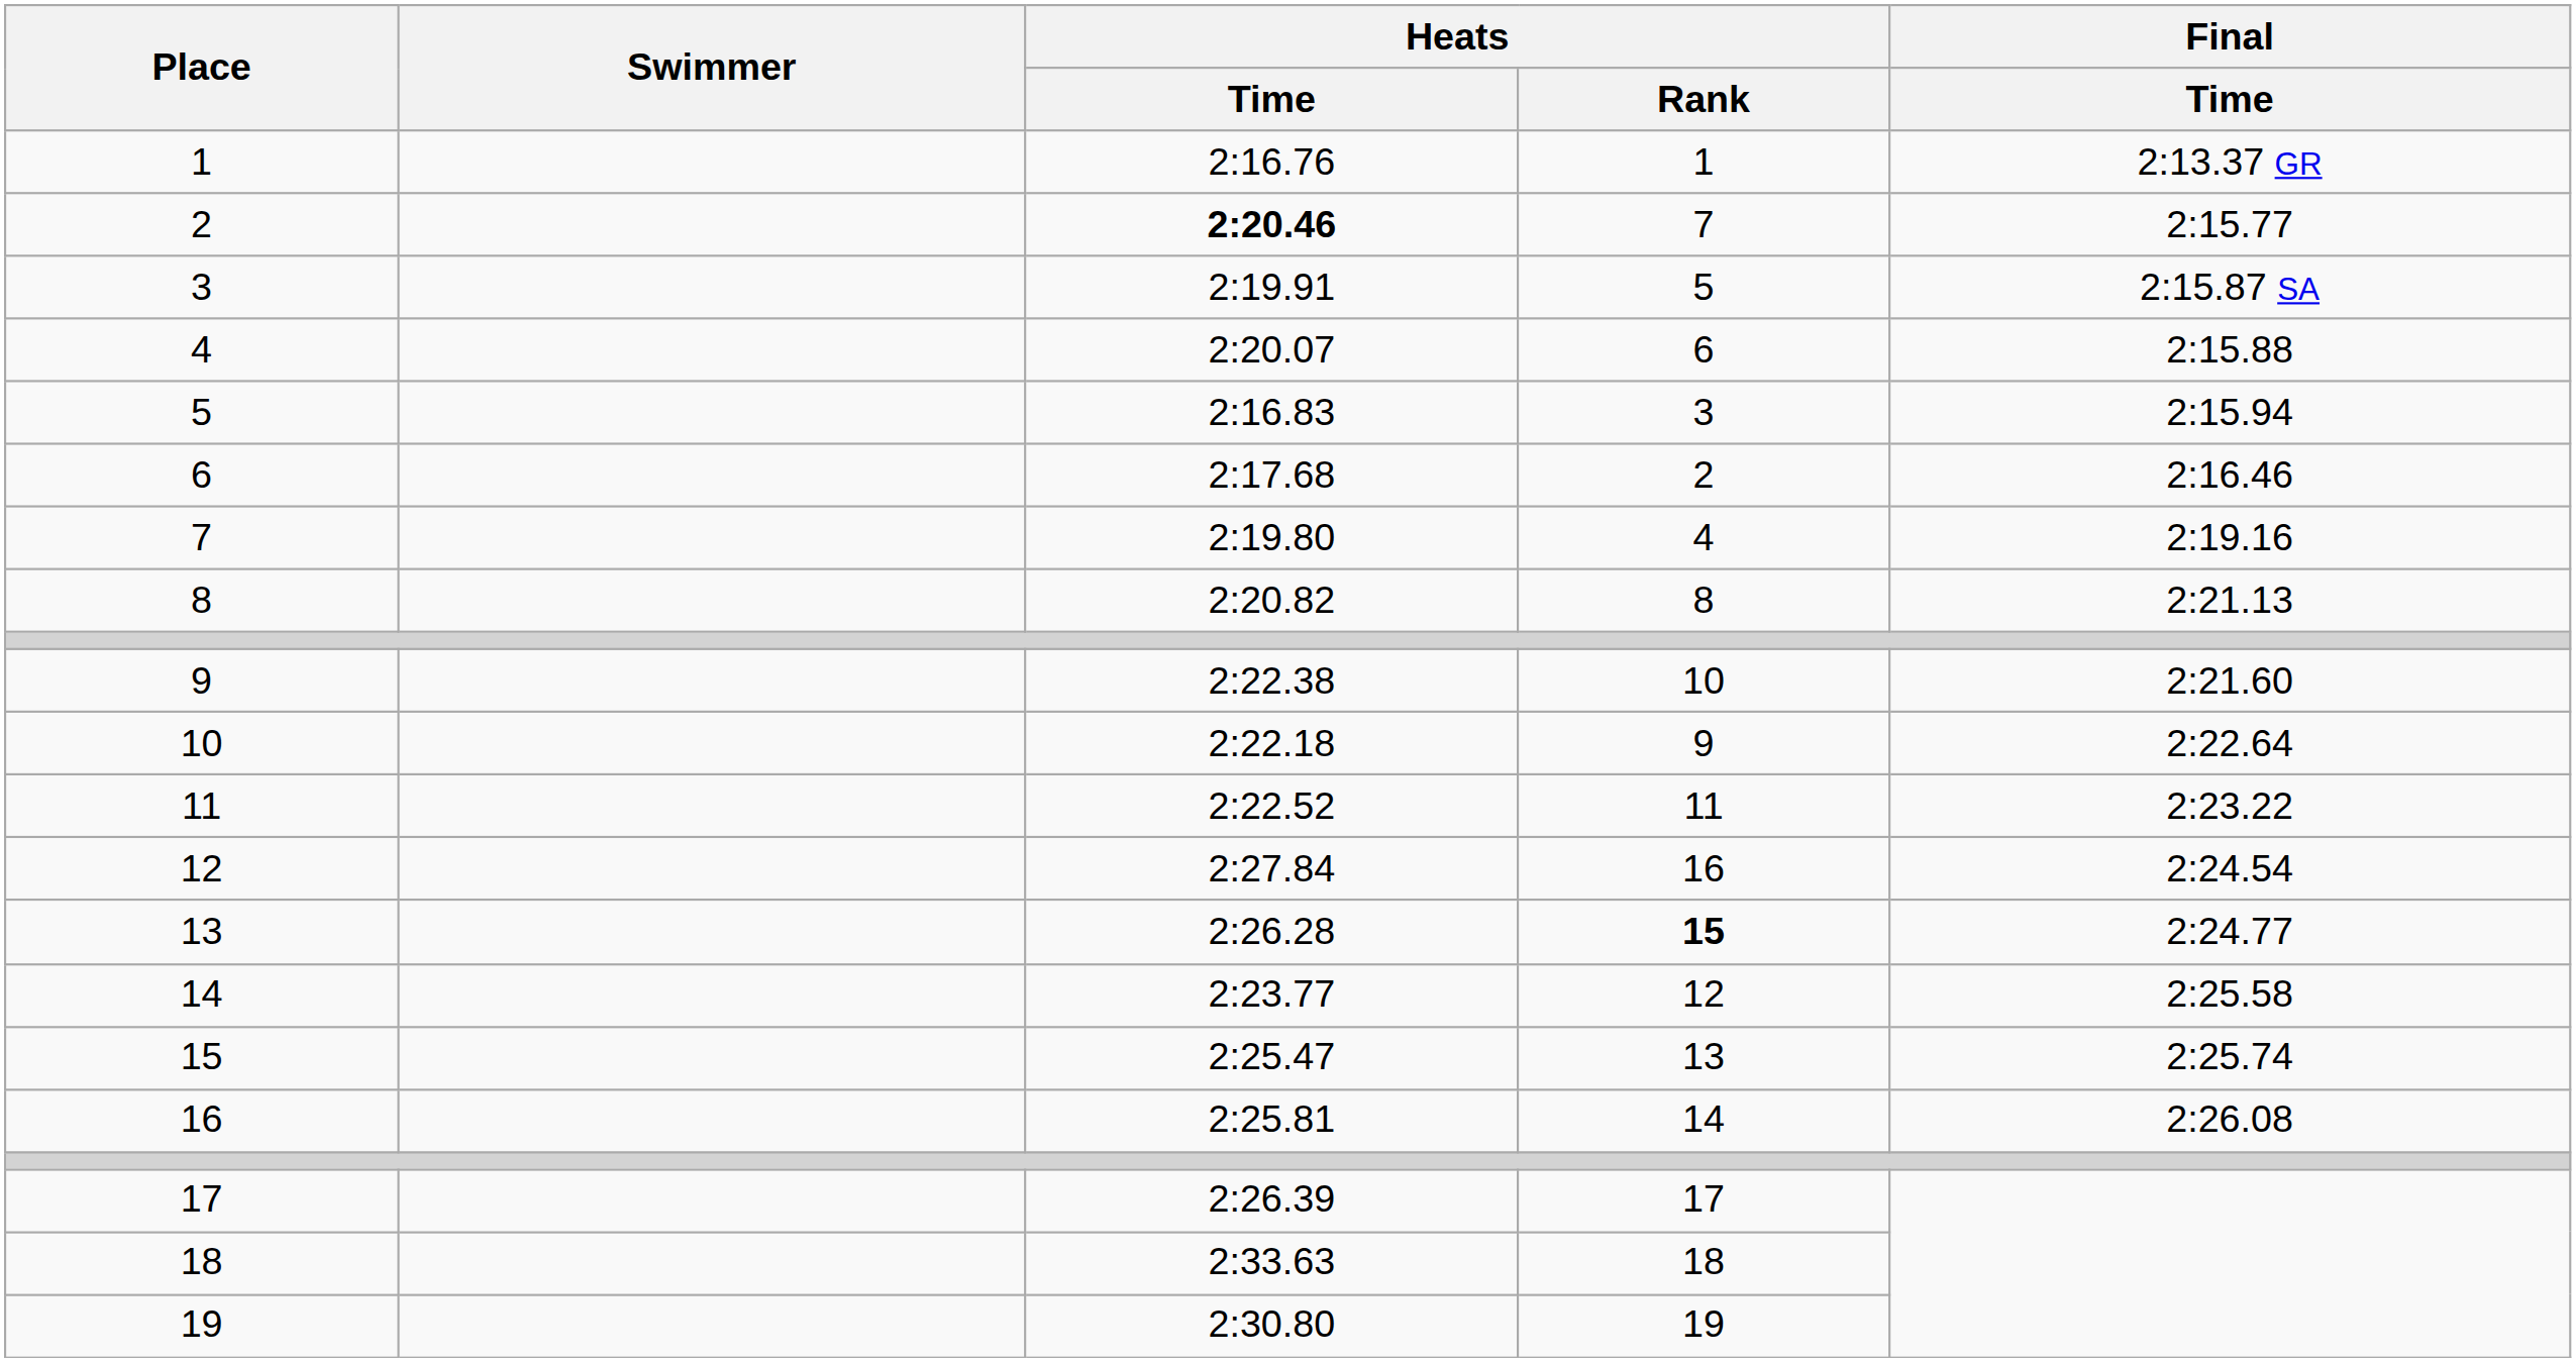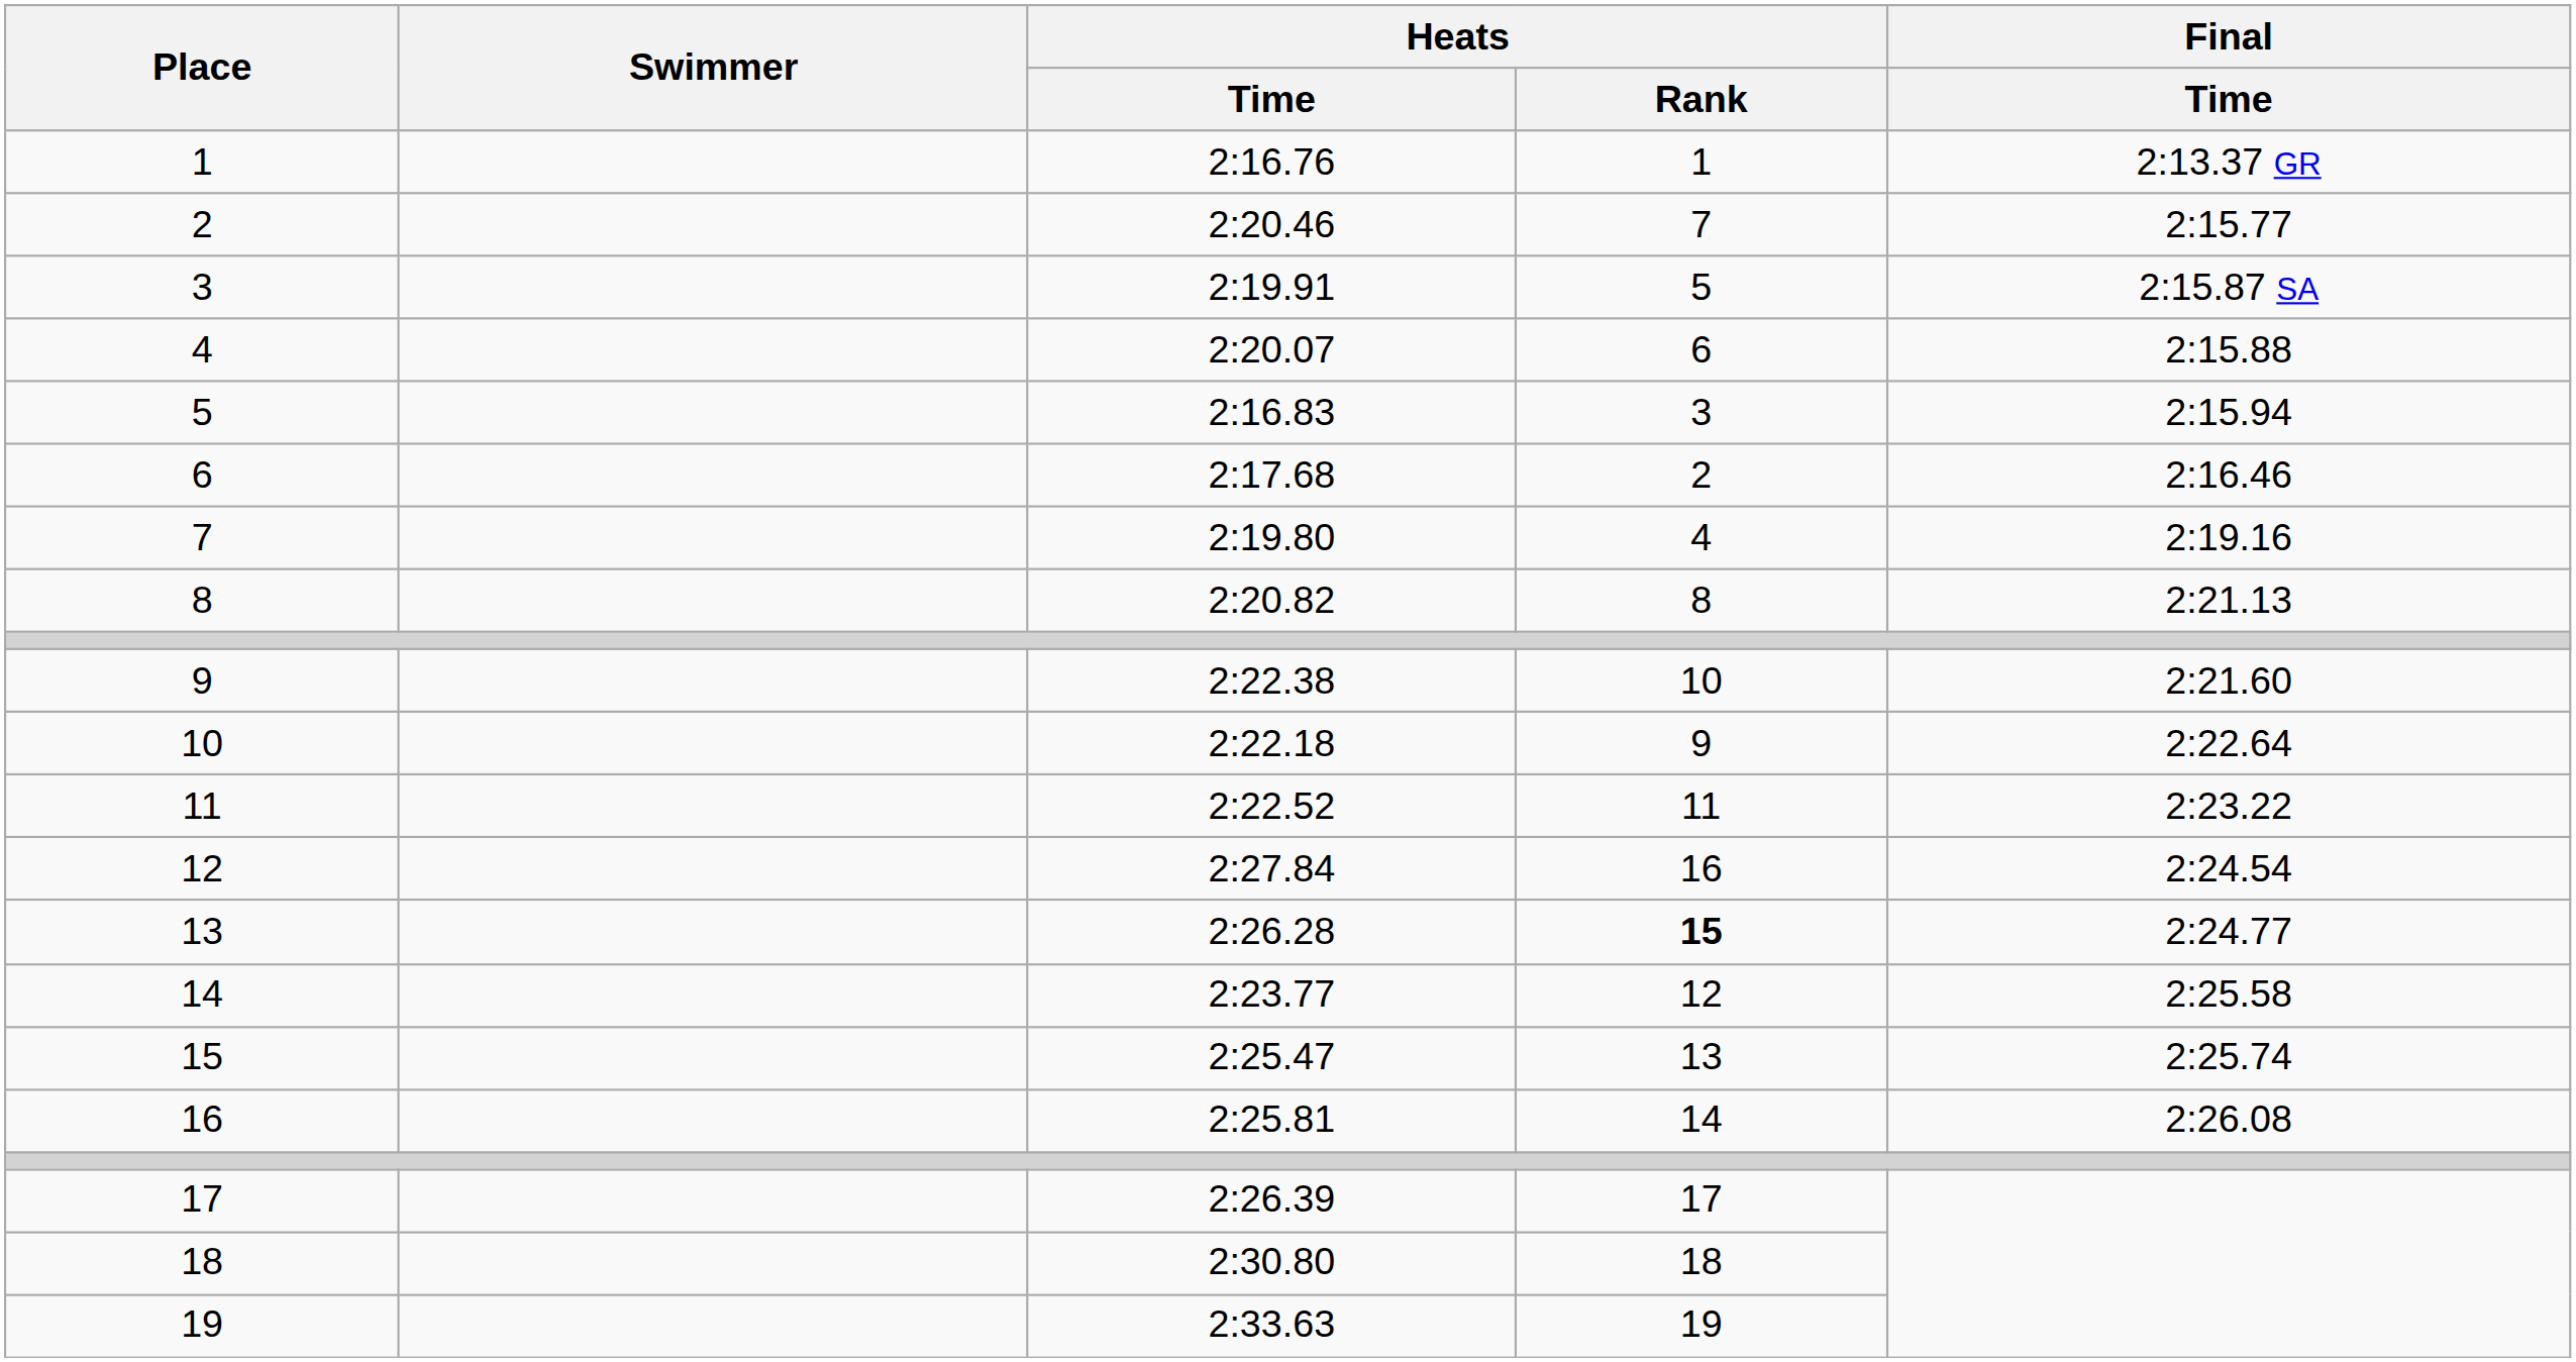 <table class="wikitable" style=" text-align:center; font-size:110%;" width="75%">
 <tr>
 <th rowspan="2">Place</th>
 <th rowspan="2">Swimmer</th>
 <th colspan="2">Heats</th>
 <th>Final</th>
 </tr>
 <tr>
 <th>Time</th>
 <th>Rank</th>
 <th>Time</th>
 </tr>
 <tr>
 <td>1</td>
 <td align="left"></td>
 <td>2:16.76</td>
 <td>1</td>
 <td>2:13.37 <small><a href='#'>GR</a></small></td>
 </tr>
 <tr>
 <td>2</td>
 <td align=left></td>
-<td><strong>2:20.46</strong></td>
+<td>2:20.46</td>
 <td>7</td>
 <td>2:15.77</td>
 </tr>
 <tr>
 <td>3</td>
 <td align=left></td>
 <td>2:19.91</td>
 <td>5</td>
 <td>2:15.87 <small><a href='#'>SA</a></small></td>
 </tr>
 <tr>
 <td>4</td>
 <td align=left></td>
 <td>2:20.07</td>
 <td>6</td>
 <td>2:15.88</td>
 </tr>
 <tr>
 <td>5</td>
 <td align=left></td>
 <td>2:16.83</td>
 <td>3</td>
 <td>2:15.94</td>
 </tr>
 <tr>
 <td>6</td>
 <td align=left></td>
 <td>2:17.68</td>
 <td>2</td>
 <td>2:16.46</td>
 </tr>
 <tr>
 <td>7</td>
 <td align=left></td>
 <td>2:19.80</td>
 <td>4</td>
 <td>2:19.16</td>
 </tr>
 <tr>
 <td>8</td>
 <td align=left></td>
 <td>2:20.82</td>
 <td>8</td>
 <td>2:21.13</td>
 </tr>
 <tr>
 <td colspan=5 bgcolor=lightgray></td>
 </tr>
 <tr>
 <td>9</td>
 <td align="left"></td>
 <td>2:22.38</td>
 <td>10</td>
 <td>2:21.60</td>
 </tr>
 <tr>
 <td>10</td>
 <td align="left"></td>
 <td>2:22.18</td>
 <td>9</td>
 <td>2:22.64</td>
 </tr>
 <tr>
 <td>11</td>
 <td align="left"></td>
 <td>2:22.52</td>
 <td>11</td>
 <td>2:23.22</td>
 </tr>
 <tr>
 <td>12</td>
 <td align="left"></td>
 <td>2:27.84</td>
 <td>16</td>
 <td>2:24.54</td>
 </tr>
 <tr>
 <td>13</td>
 <td align="left"></td>
 <td>2:26.28</td>
 <td><strong>15</strong></td>
 <td>2:24.77</td>
 </tr>
 <tr>
 <td>14</td>
 <td align="left"></td>
 <td>2:23.77</td>
 <td>12</td>
 <td>2:25.58</td>
 </tr>
 <tr>
 <td>15</td>
 <td align="left"></td>
 <td>2:25.47</td>
 <td>13</td>
 <td>2:25.74</td>
 </tr>
 <tr>
 <td>16</td>
 <td align="left"></td>
 <td>2:25.81</td>
 <td>14</td>
 <td>2:26.08</td>
 </tr>
 <tr>
 <td colspan=5 bgcolor=lightgray></td>
 </tr>
 <tr>
 <td>17</td>
 <td align="left"></td>
 <td>2:26.39</td>
 <td>17</td>
 <td colspan="2" rowspan=4></td>
 </tr>
 <tr>
 <td>18</td>
 <td align="left"></td>
-<td>2:33.63</td>
+<td>2:30.80</td>
 <td>18</td>
 </tr>
 <tr>
 <td>19</td>
 <td align="left"></td>
-<td>2:30.80</td>
+<td>2:33.63</td>
 <td>19</td>
 </tr>
 </table>
